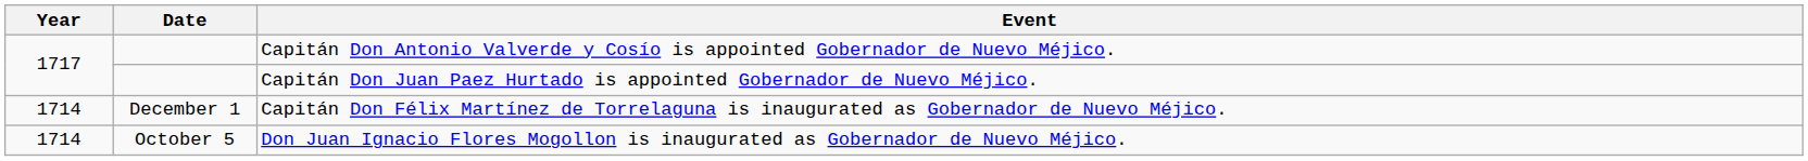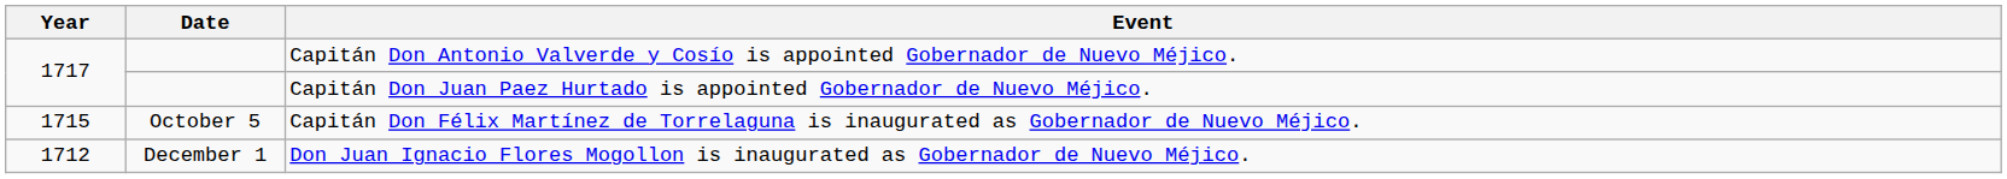 <table class="wikitable" style="width:100%;">
 <tr>
 <th style="width:6%">Year</th>
 <th style="width:8%">Date</th>
 <th style="width:86%">Event</th>
 </tr>
 <tr>
 <td align=center rowspan=2>1717</td>
 <td align=center> </td>
 <td>Capitán <a href='#'>Don Antonio Valverde y Cosío</a> is appointed <a href='#'>Gobernador de Nuevo Méjico</a>.</td>
 </tr>
 <tr>
 <td align=center> </td>
 <td>Capitán <a href='#'>Don Juan Paez Hurtado</a> is appointed <a href='#'>Gobernador de Nuevo Méjico</a>.</td>
 </tr>
 <tr>
-<td align=center>1714</td>
-<td align=center>December 1</td>
+<td align=center>1715</td>
+<td align=center>October 5</td>
 <td>Capitán <a href='#'>Don Félix Martínez de Torrelaguna</a> is inaugurated as <a href='#'>Gobernador de Nuevo Méjico</a>.</td>
 </tr>
 <tr>
-<td align=center>1714</td>
-<td align=center>October 5</td>
+<td align=center>1712</td>
+<td align=center>December 1</td>
 <td><a href='#'>Don Juan Ignacio Flores Mogollon</a> is inaugurated as <a href='#'>Gobernador de Nuevo Méjico</a>.</td>
 </tr>
 </table>
